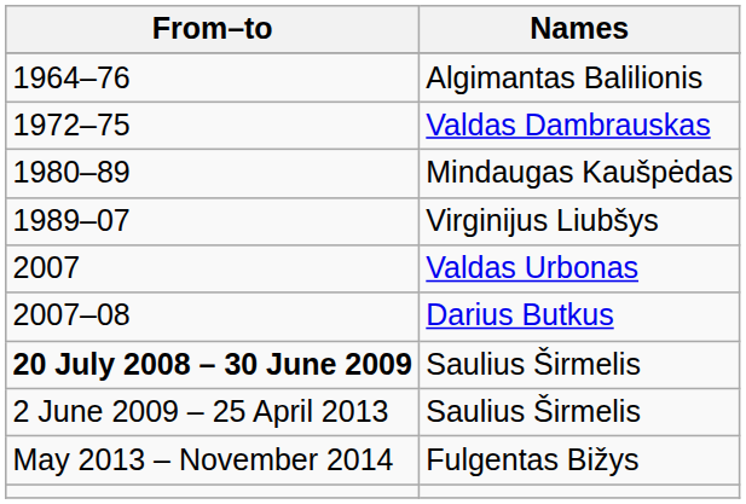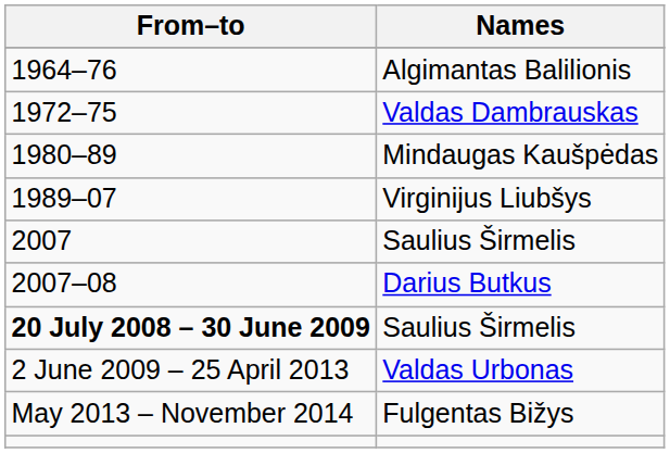 <table class="wikitable" style="text-align: left">
 <tr>
 <th rowspan="1">From–to</th>
 <th rowspan="1">Names</th>
 </tr>
 <tr>
 </tr>
 <tr>
 <td>1964–76</td>
 <td> Algimantas Balilionis</td>
 </tr>
 <tr>
 <td>1972–75</td>
 <td> <a href='#'>Valdas Dambrauskas</a></td>
 </tr>
 <tr>
 <td>1980–89</td>
 <td> Mindaugas Kaušpėdas</td>
 </tr>
 <tr>
 <td>1989–07</td>
 <td> Virginijus Liubšys</td>
 </tr>
 <tr>
 <td>2007</td>
-<td> <a href='#'>Valdas Urbonas</a></td>
+<td> Saulius Širmelis</td>
 </tr>
 <tr>
 <td>2007–08</td>
 <td> <a href='#'>Darius Butkus</a></td>
 </tr>
 <tr>
 <td><strong>20 July 2008 – 30 June 2009</strong></td>
 <td> Saulius Širmelis</td>
 </tr>
 <tr>
 <td>2 June 2009 – 25 April 2013</td>
-<td> Saulius Širmelis</td>
+<td> <a href='#'>Valdas Urbonas</a></td>
 </tr>
 <tr>
 <td>May 2013 – November 2014</td>
 <td> Fulgentas Bižys</td>
 </tr>
 <tr>
 <td></td>
 <td></td>
 </tr>
 </table>
